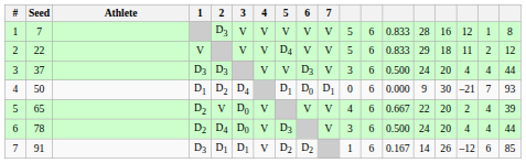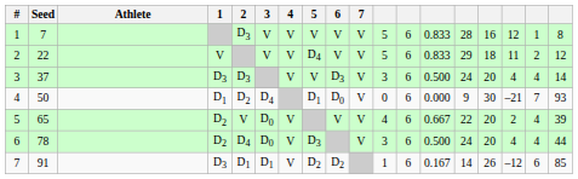 <table class="wikitable" style="text-align:center">
 <tr>
 <th width="25">#</th>
 <th width="25">Seed</th>
 <th width="200">Athlete</th>
 <th width="25">1</th>
 <th width="25">2</th>
 <th width="25">3</th>
 <th width="25">4</th>
 <th width="25">5</th>
 <th width="25">6</th>
 <th width="25">7</th>
 <th width="25"></th>
 <th width="25"></th>
 <th width="40"></th>
 <th width="25"></th>
 <th width="25"></th>
 <th width="25"></th>
 <th width="25"></th>
 <th width="25"></th>
 </tr>
 <tr bgcolor="ccffcc">
 <td>1</td>
 <td>7</td>
 <td align=left></td>
 <td bgcolor="#cccccc"></td>
 <td>D<sub>3</sub></td>
 <td>V</td>
 <td>V</td>
 <td>V</td>
 <td>V</td>
 <td>V</td>
 <td>5</td>
 <td>6</td>
 <td>0.833</td>
 <td>28</td>
 <td>16</td>
 <td>12</td>
 <td>1</td>
 <td>8</td>
 </tr>
 <tr bgcolor="ccffcc">
 <td>2</td>
 <td>22</td>
 <td align=left></td>
 <td>V</td>
 <td bgcolor="#cccccc"></td>
 <td>V</td>
 <td>V</td>
 <td>D<sub>4</sub></td>
 <td>V</td>
 <td>V</td>
 <td>5</td>
 <td>6</td>
 <td>0.833</td>
 <td>29</td>
 <td>18</td>
 <td>11</td>
 <td>2</td>
 <td>12</td>
 </tr>
 <tr bgcolor="ccffcc">
 <td>3</td>
 <td>37</td>
 <td align=left></td>
 <td>D<sub>3</sub></td>
 <td>D<sub>3</sub></td>
 <td bgcolor="#cccccc"></td>
 <td>V</td>
 <td>V</td>
 <td>D<sub>3</sub></td>
 <td>V</td>
 <td>3</td>
 <td>6</td>
 <td>0.500</td>
 <td>24</td>
 <td>20</td>
 <td>4</td>
 <td>4</td>
-<td>44</td>
+<td>14</td>
 </tr>
 <tr>
 <td>4</td>
 <td>50</td>
 <td align=left></td>
 <td>D<sub>1</sub></td>
 <td>D<sub>2</sub></td>
 <td>D<sub>4</sub></td>
 <td bgcolor="#cccccc"></td>
 <td>D<sub>1</sub></td>
 <td>D<sub>0</sub></td>
-<td>D<sub>1</sub></td>
+<td>V</td>
 <td>0</td>
 <td>6</td>
 <td>0.000</td>
 <td>9</td>
 <td>30</td>
 <td>–21</td>
 <td>7</td>
 <td>93</td>
 </tr>
 <tr bgcolor="ccffcc">
 <td>5</td>
 <td>65</td>
 <td align=left></td>
 <td>D<sub>2</sub></td>
 <td>V</td>
 <td>D<sub>0</sub></td>
 <td>V</td>
 <td bgcolor="#cccccc"></td>
 <td>V</td>
 <td>V</td>
 <td>4</td>
 <td>6</td>
 <td>0.667</td>
 <td>22</td>
 <td>20</td>
 <td>2</td>
 <td>4</td>
 <td>39</td>
 </tr>
 <tr bgcolor="ccffcc">
 <td>6</td>
 <td>78</td>
 <td align=left></td>
 <td>D<sub>2</sub></td>
 <td>D<sub>4</sub></td>
 <td>D<sub>0</sub></td>
 <td>V</td>
 <td>D<sub>3</sub></td>
 <td bgcolor="#cccccc"></td>
 <td>V</td>
 <td>3</td>
 <td>6</td>
 <td>0.500</td>
 <td>24</td>
 <td>20</td>
 <td>4</td>
 <td>4</td>
 <td>44</td>
 </tr>
 <tr>
 <td>7</td>
 <td>91</td>
 <td align=left></td>
 <td>D<sub>3</sub></td>
 <td>D<sub>1</sub></td>
 <td>D<sub>1</sub></td>
 <td>V</td>
 <td>D<sub>2</sub></td>
 <td>D<sub>2</sub></td>
 <td bgcolor="#cccccc"></td>
 <td>1</td>
 <td>6</td>
 <td>0.167</td>
 <td>14</td>
 <td>26</td>
 <td>–12</td>
 <td>6</td>
 <td>85</td>
 </tr>
 </table>
